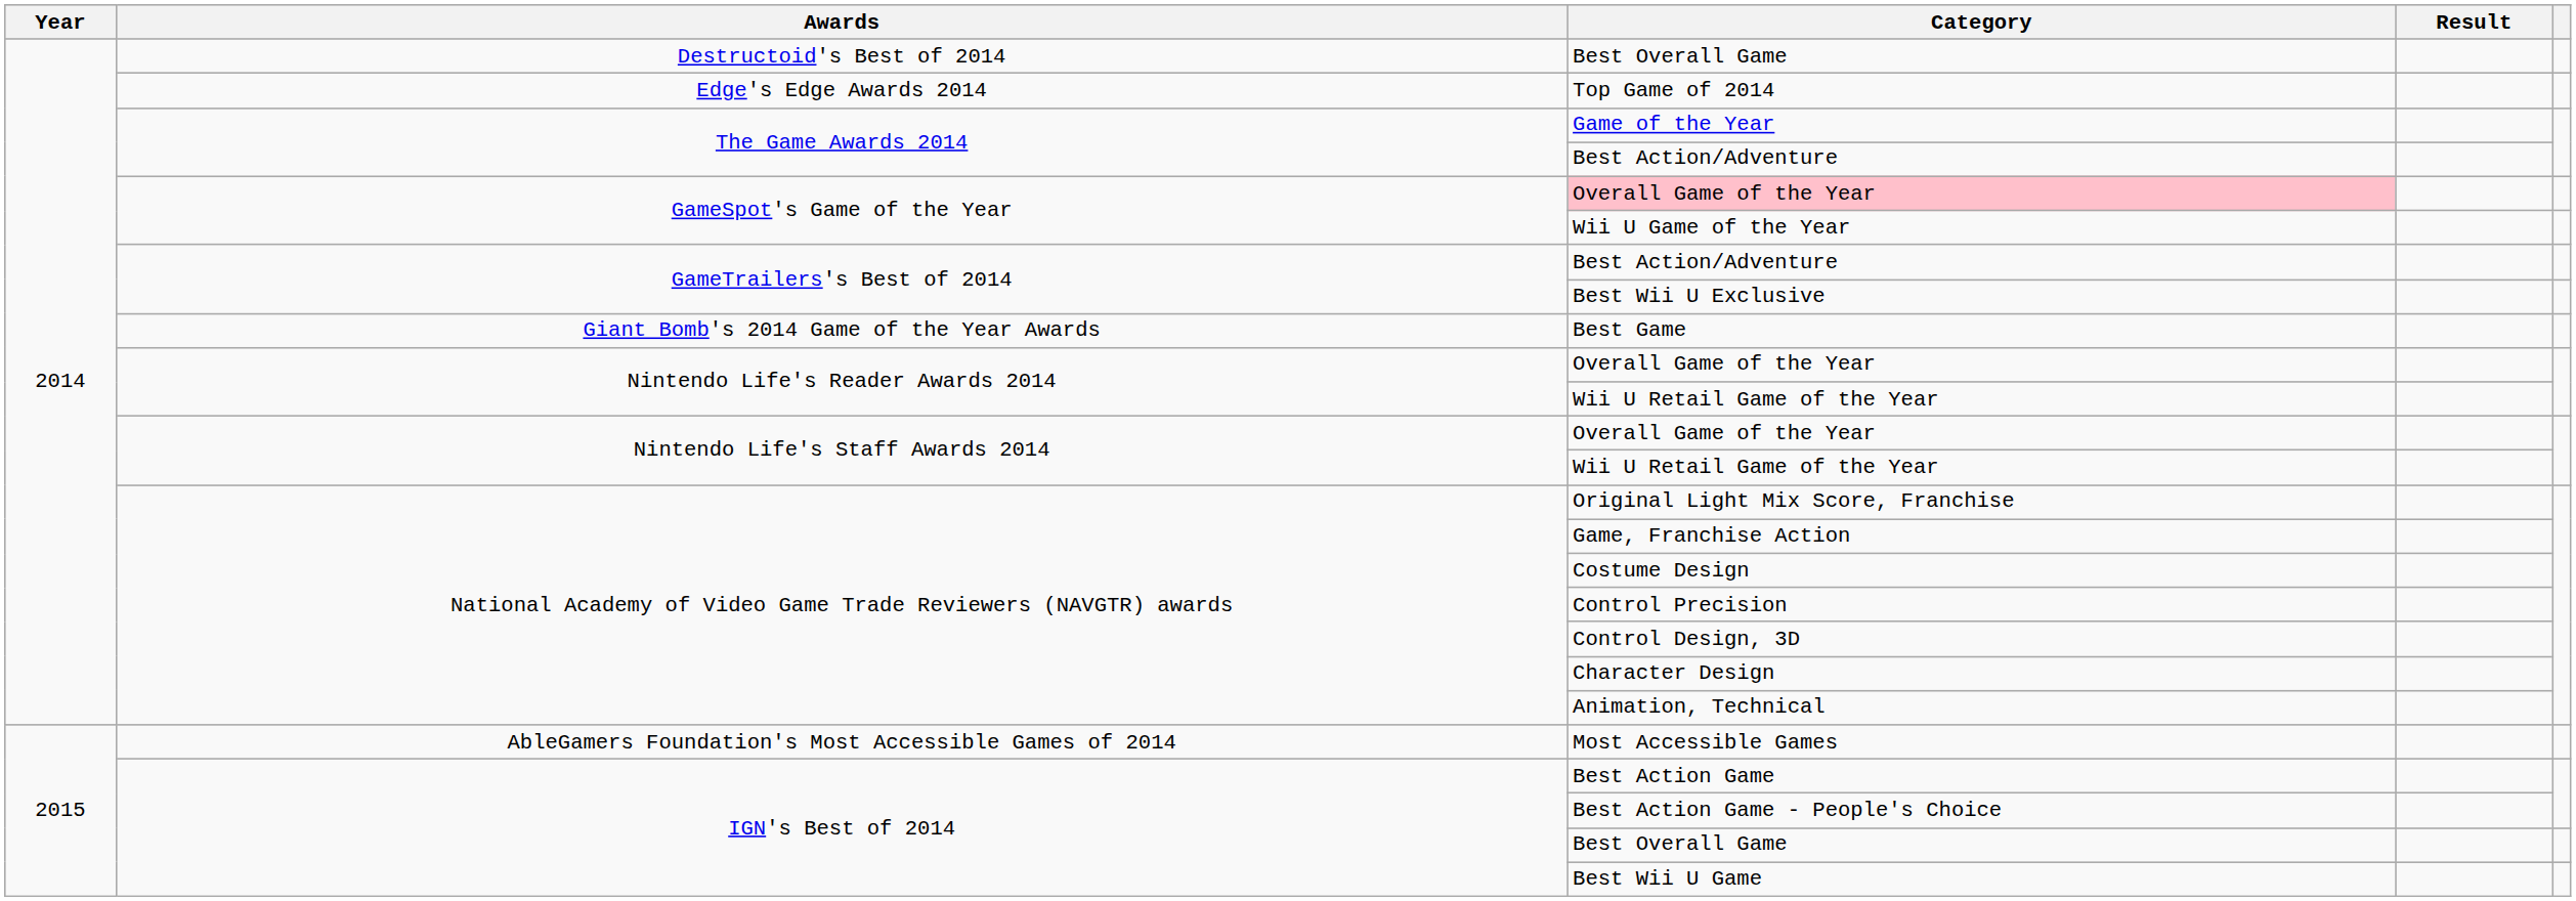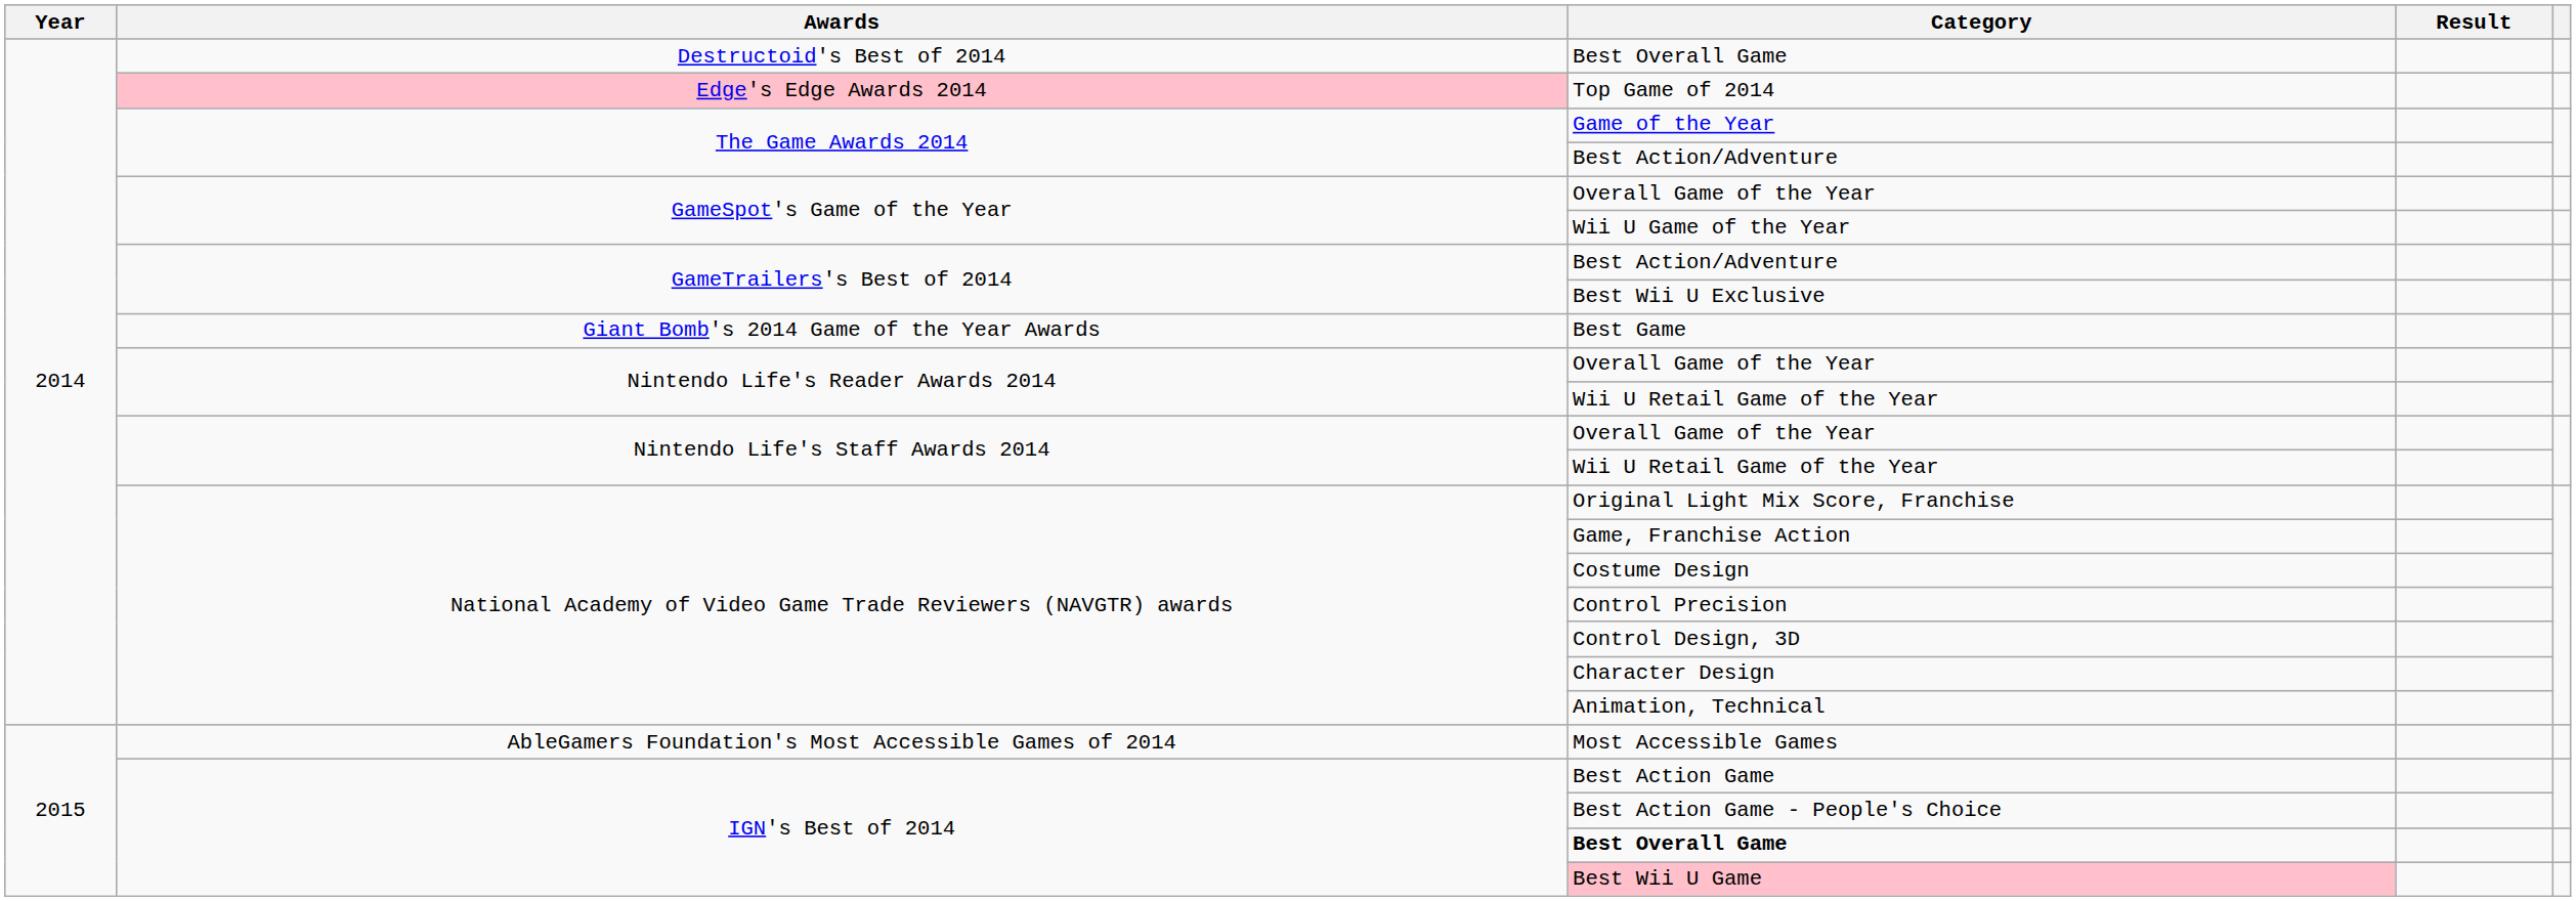 <table class="wikitable" style="width:80%;">
 <tr>
 <th>Year</th>
 <th>Awards</th>
 <th>Category</th>
 <th>Result</th>
 <th></th>
 </tr>
 <tr>
 <td rowspan="20" align=center>2014</td>
 <td align=center><a href='#'>Destructoid</a>'s Best of 2014</td>
 <td>Best Overall Game</td>
 <td></td>
 <td align="center"></td>
 </tr>
 <tr>
-<td align=center><a href='#'>Edge</a>'s Edge Awards 2014</td>
+<td align=center style="background: pink;"><a href='#'>Edge</a>'s Edge Awards 2014</td>
 <td>Top Game of 2014</td>
 <td></td>
 <td align=center></td>
 </tr>
 <tr>
 <td rowspan="2" align=center><a href='#'>The Game Awards 2014</a></td>
 <td><a href='#'>Game of the Year</a></td>
 <td></td>
 <td rowspan="2" align=center></td>
 </tr>
 <tr>
 <td>Best Action/Adventure</td>
 <td></td>
 </tr>
 <tr>
 <td rowspan="2" align=center><a href='#'>GameSpot</a>'s Game of the Year</td>
-<td style="background: pink;">Overall Game of the Year</td>
+<td>Overall Game of the Year</td>
 <td></td>
 <td align=center></td>
 </tr>
 <tr>
 <td>Wii U Game of the Year</td>
 <td></td>
 <td align=center></td>
 </tr>
 <tr>
 <td rowspan="2" align=center><a href='#'>GameTrailers</a>'s Best of 2014</td>
 <td>Best Action/Adventure</td>
 <td></td>
 <td align="center"></td>
 </tr>
 <tr>
 <td>Best Wii U Exclusive</td>
 <td></td>
 <td align="center"></td>
 </tr>
 <tr>
 <td align=center><a href='#'>Giant Bomb</a>'s 2014 Game of the Year Awards</td>
 <td>Best Game</td>
 <td></td>
 <td align="center"></td>
 </tr>
 <tr>
 <td rowspan="2" align=center>Nintendo Life's Reader Awards 2014</td>
 <td>Overall Game of the Year</td>
 <td></td>
 <td rowspan="2" align=center></td>
 </tr>
 <tr>
 <td>Wii U Retail Game of the Year</td>
 <td></td>
 </tr>
 <tr>
 <td rowspan="2" align=center>Nintendo Life's Staff Awards 2014</td>
 <td>Overall Game of the Year</td>
 <td></td>
 <td rowspan="2" align=center></td>
 </tr>
 <tr>
 <td>Wii U Retail Game of the Year</td>
 <td></td>
 </tr>
 <tr>
 <td align=center rowspan="7">National Academy of Video Game Trade Reviewers (NAVGTR) awards</td>
 <td>Original Light Mix Score, Franchise</td>
 <td></td>
 <td align=center rowspan="7"></td>
 </tr>
 <tr>
 <td>Game, Franchise Action</td>
 <td></td>
 </tr>
 <tr>
 <td>Costume Design</td>
 <td></td>
 </tr>
 <tr>
 <td>Control Precision</td>
 <td></td>
 </tr>
 <tr>
 <td>Control Design, 3D</td>
 <td></td>
 </tr>
 <tr>
 <td>Character Design</td>
 <td></td>
 </tr>
 <tr>
 <td>Animation, Technical</td>
 <td></td>
 </tr>
 <tr>
 <td rowspan="5" align=center>2015</td>
 <td align=center>AbleGamers Foundation's Most Accessible Games of 2014</td>
 <td>Most Accessible Games</td>
 <td></td>
 <td align=center></td>
 </tr>
 <tr>
 <td rowspan="4" align=center><a href='#'>IGN</a>'s Best of 2014</td>
 <td>Best Action Game</td>
 <td></td>
 <td rowspan="2" align=center></td>
 </tr>
 <tr>
 <td>Best Action Game - People's Choice</td>
 <td></td>
 </tr>
 <tr>
-<td>Best Overall Game</td>
+<td><strong>Best Overall Game</strong></td>
 <td></td>
 <td align=center></td>
 </tr>
 <tr>
-<td>Best Wii U Game</td>
+<td style="background: pink;">Best Wii U Game</td>
 <td></td>
 <td align=center></td>
 </tr>
 </table>
